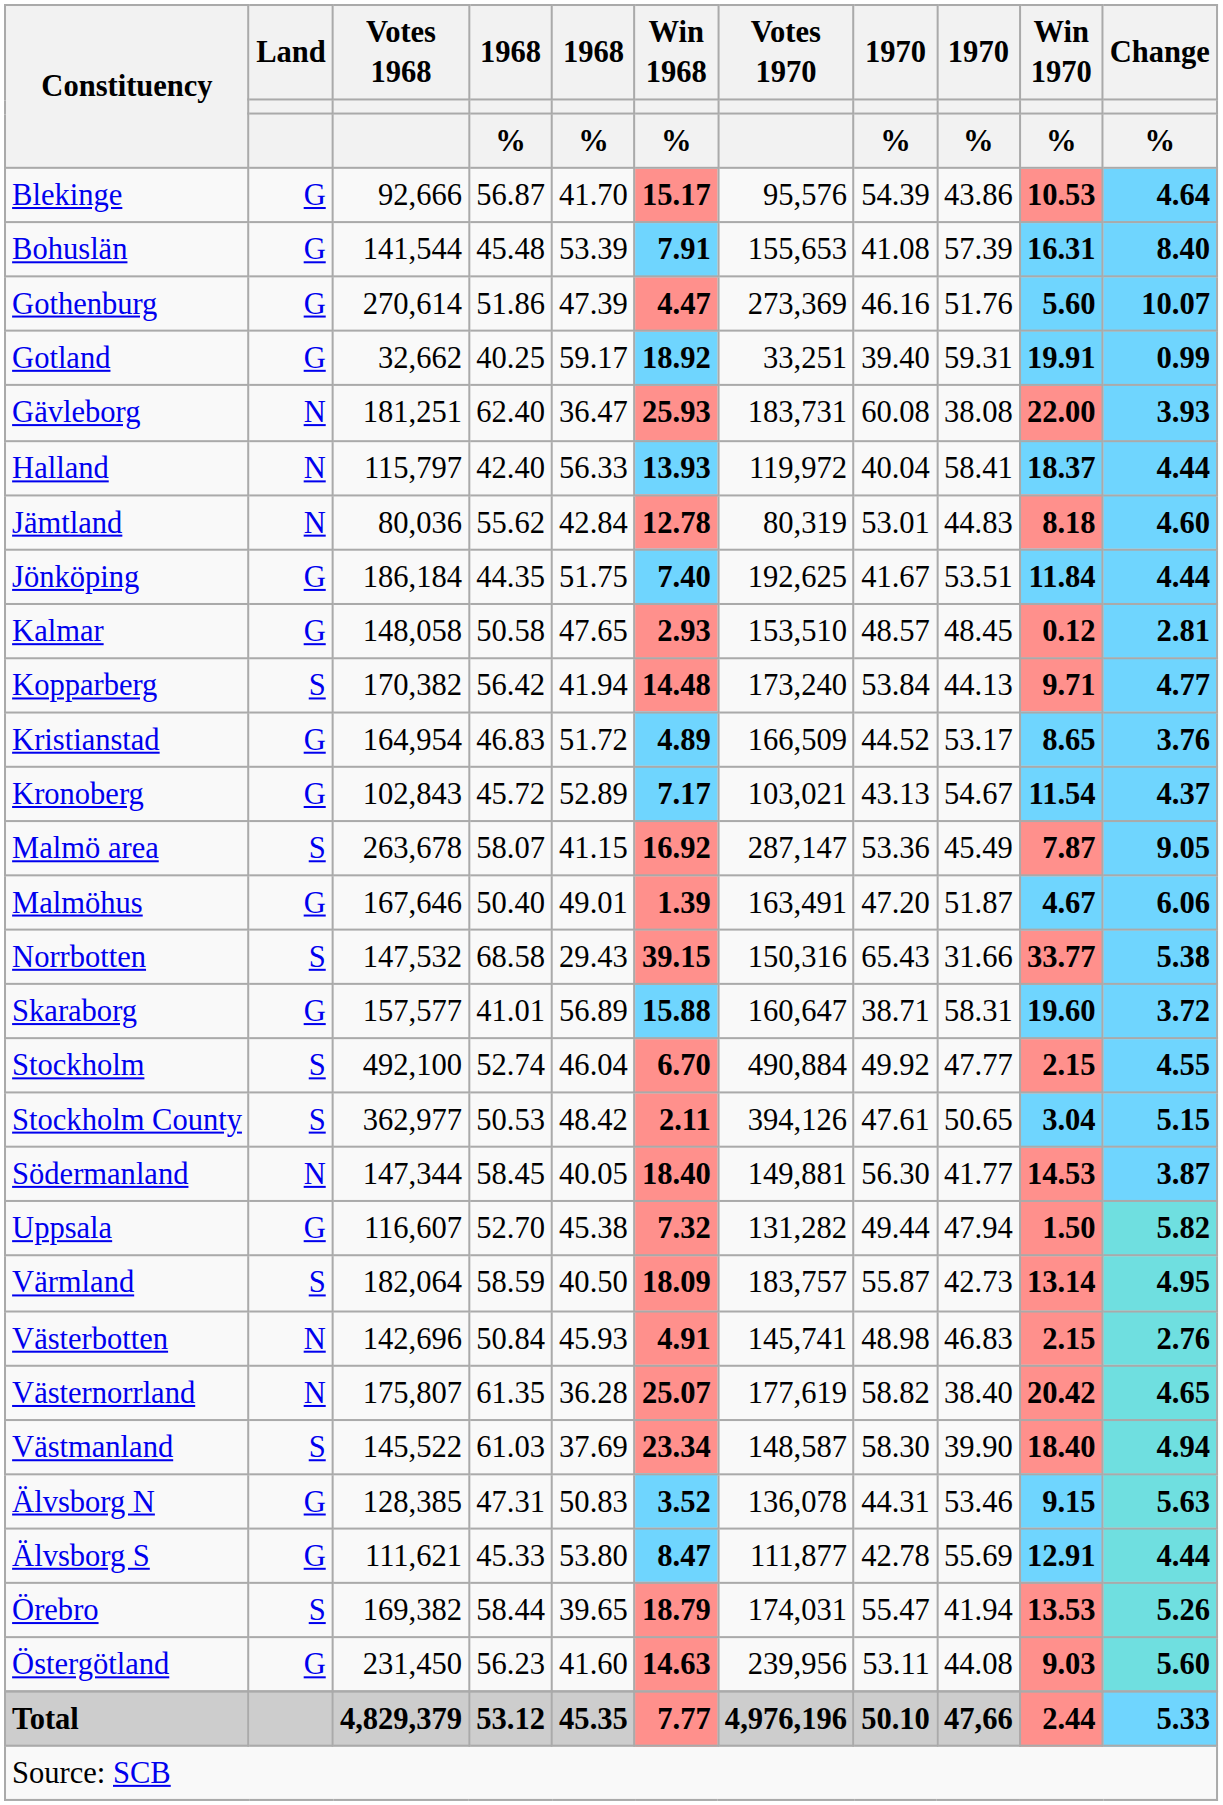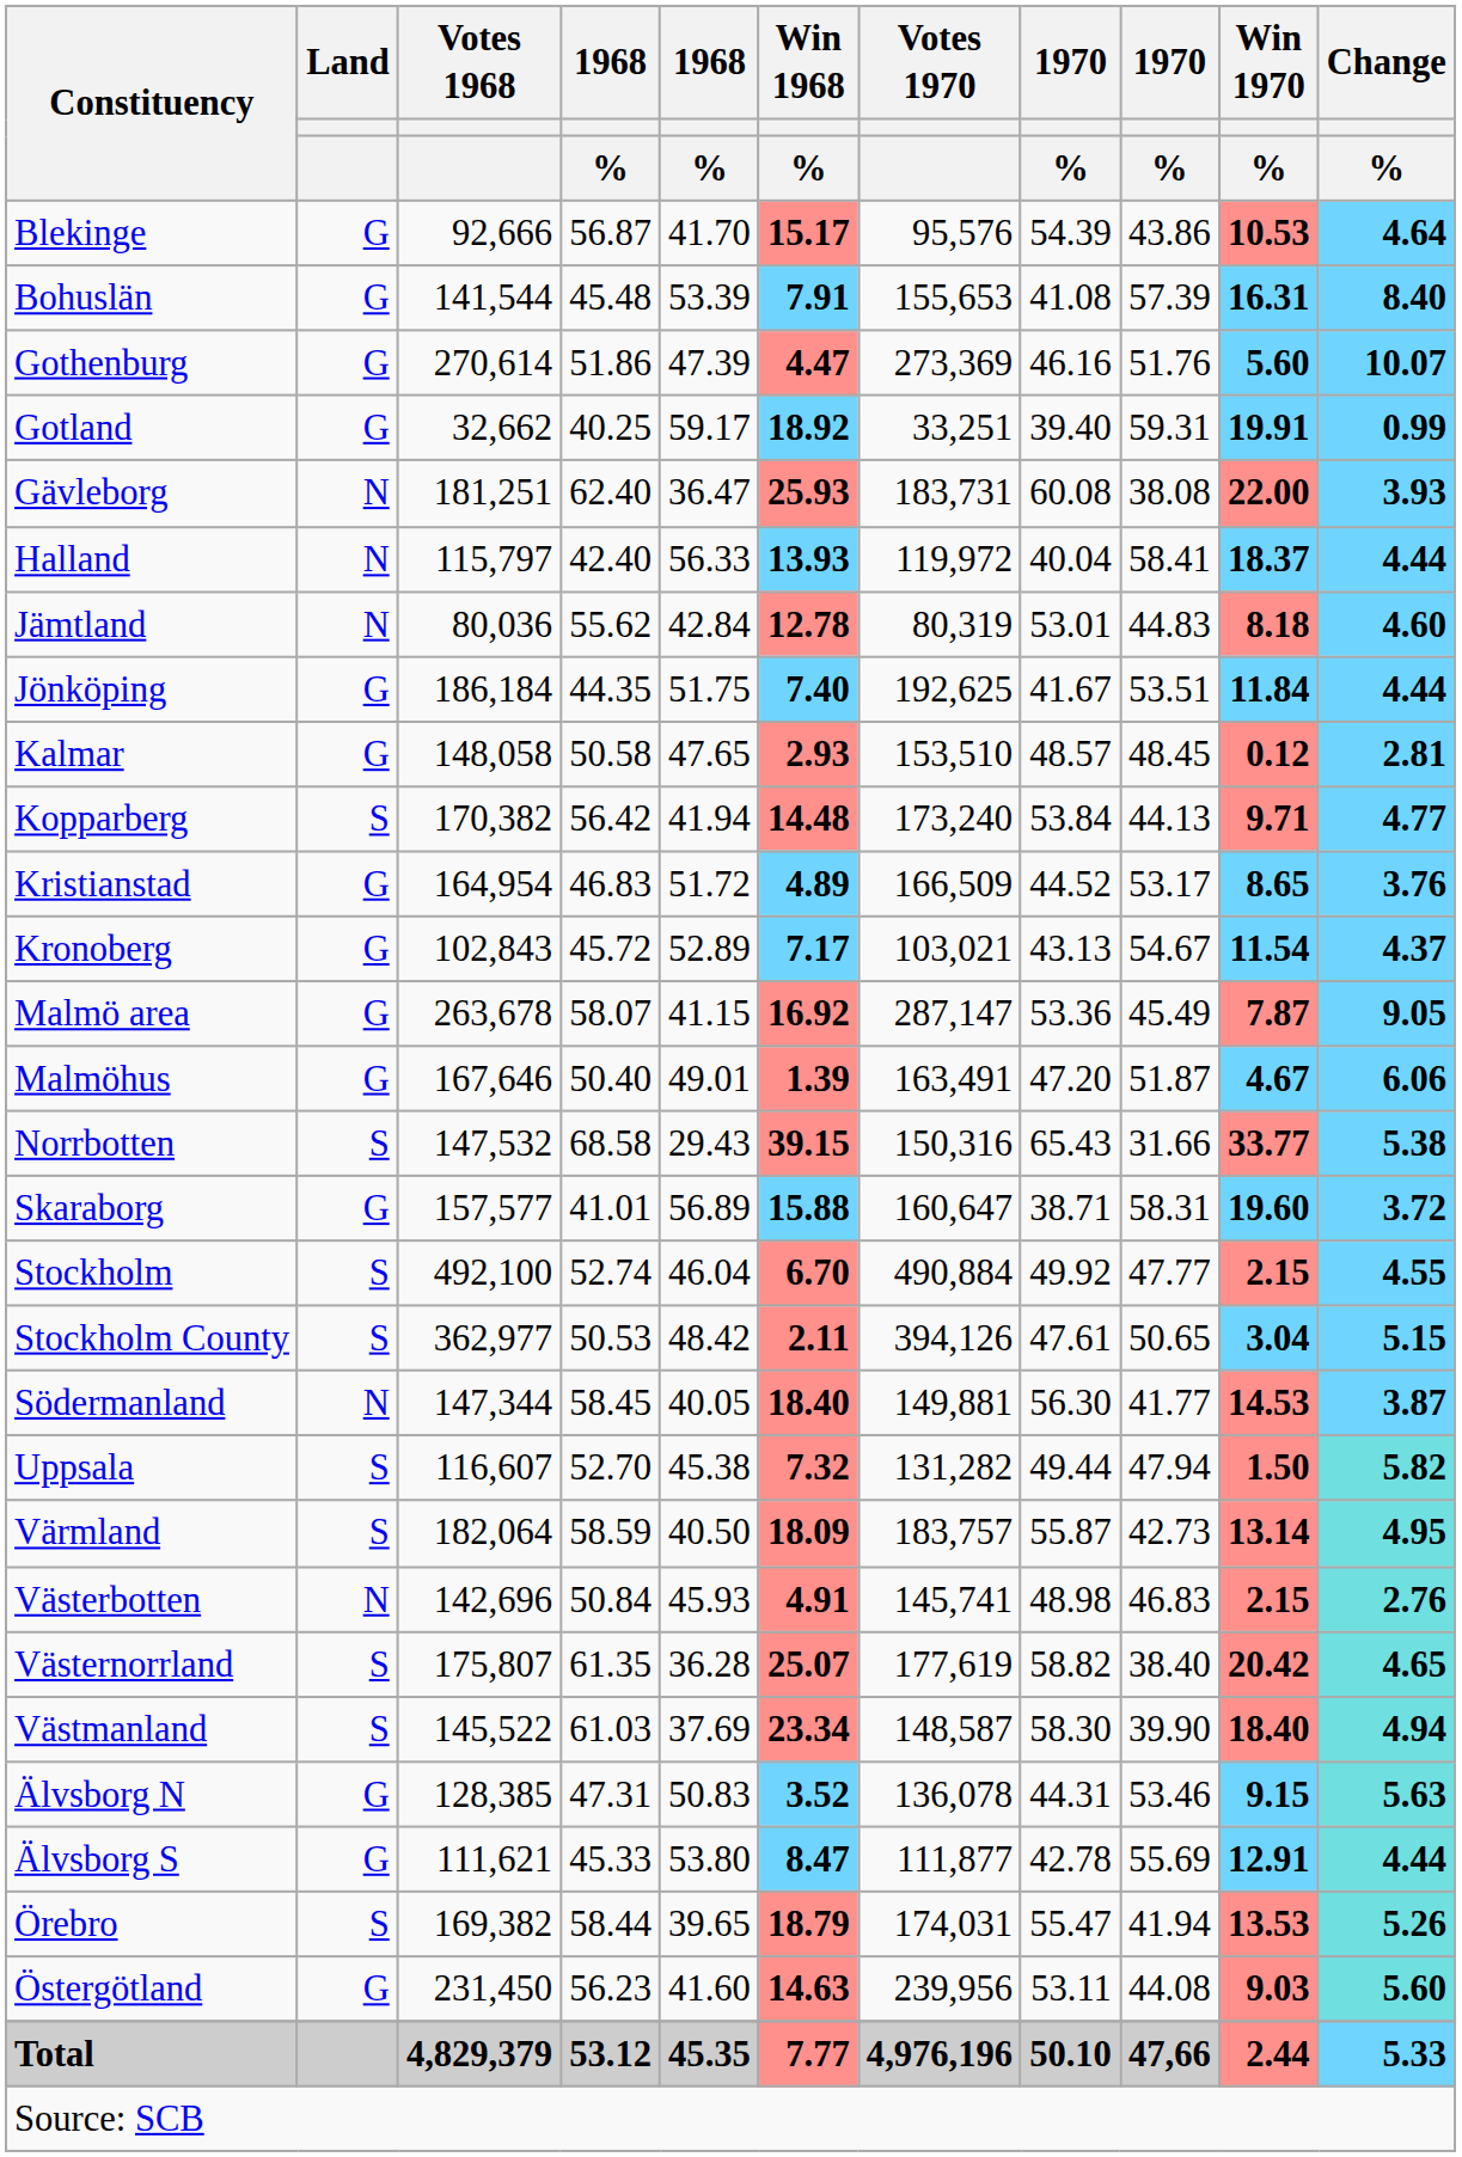 <table class="wikitable sortable" style="text-align:right; font-size:95%; line-height:20px;">
 <tr>
 <th rowspan="3">Constituency</th>
 <th>Land</th>
 <th width="30px" class="unsortable">Votes 1968</th>
 <th> 1968</th>
 <th> 1968</th>
 <th width="30px" class="unsortable">Win 1968</th>
 <th width="30px" class="unsortable">Votes 1970</th>
 <th> 1970</th>
 <th> 1970</th>
 <th width="30px" class="unsortable">Win 1970</th>
 <th width="30px" class="unsortable">Change</th>
 </tr>
 <tr>
 <th></th>
 <th></th>
 <th style="background:"></th>
 <th style="background:"></th>
 <th></th>
 <th></th>
 <th style="background:"></th>
 <th style="background:"></th>
 <th></th>
 <th></th>
 </tr>
 <tr>
 <th data-sort-type="number"></th>
 <th data-sort-type="number"></th>
 <th data-sort-type="number">%</th>
 <th data-sort-type="number">%</th>
 <th data-sort-type="number">%</th>
 <th data-sort-type="number"></th>
 <th data-sort-type="number">%</th>
 <th data-sort-type="number">%</th>
 <th data-sort-type="number">%</th>
 <th data-sort-type="number">%</th>
 </tr>
 <tr>
 <td align="left"><a href='#'>Blekinge</a></td>
 <td><a href='#'>G</a></td>
 <td>92,666</td>
 <td>56.87</td>
 <td>41.70</td>
 <td bgcolor=#ff908c><strong>15.17</strong></td>
 <td>95,576</td>
 <td>54.39</td>
 <td>43.86</td>
 <td bgcolor=#ff908c><strong>10.53</strong></td>
 <td bgcolor=#6fd5fe><strong>4.64</strong></td>
 </tr>
 <tr>
 <td align="left"><a href='#'>Bohuslän</a></td>
 <td><a href='#'>G</a></td>
 <td>141,544</td>
 <td>45.48</td>
 <td>53.39</td>
 <td bgcolor=#6fd5fe><strong>7.91</strong></td>
 <td>155,653</td>
 <td>41.08</td>
 <td>57.39</td>
 <td bgcolor=#6fd5fe><strong>16.31</strong></td>
 <td bgcolor=#6fd5fe><strong>8.40</strong></td>
 </tr>
 <tr>
 <td align="left"><a href='#'>Gothenburg</a></td>
 <td><a href='#'>G</a></td>
 <td>270,614</td>
 <td>51.86</td>
 <td>47.39</td>
 <td bgcolor=#ff908c><strong>4.47</strong></td>
 <td>273,369</td>
 <td>46.16</td>
 <td>51.76</td>
 <td bgcolor=#6fd5fe><strong>5.60</strong></td>
 <td bgcolor=#6fd5fe><strong>10.07</strong></td>
 </tr>
 <tr>
 <td align="left"><a href='#'>Gotland</a></td>
 <td><a href='#'>G</a></td>
 <td>32,662</td>
 <td>40.25</td>
 <td>59.17</td>
 <td bgcolor=#6fd5fe><strong>18.92</strong></td>
 <td>33,251</td>
 <td>39.40</td>
 <td>59.31</td>
 <td bgcolor=#6fd5fe><strong>19.91</strong></td>
 <td bgcolor=#6fd5fe><strong>0.99</strong></td>
 </tr>
 <tr>
 <td align="left"><a href='#'>Gävleborg</a></td>
 <td><a href='#'>N</a></td>
 <td>181,251</td>
 <td>62.40</td>
 <td>36.47</td>
 <td bgcolor=#ff908c><strong>25.93</strong></td>
 <td>183,731</td>
 <td>60.08</td>
 <td>38.08</td>
 <td bgcolor=#ff908c><strong>22.00</strong></td>
 <td bgcolor=#6fd5fe><strong>3.93</strong></td>
 </tr>
 <tr>
 <td align="left"><a href='#'>Halland</a></td>
 <td><a href='#'>N</a></td>
 <td>115,797</td>
 <td>42.40</td>
 <td>56.33</td>
 <td bgcolor=#6fd5fe><strong>13.93</strong></td>
 <td>119,972</td>
 <td>40.04</td>
 <td>58.41</td>
 <td bgcolor=#6fd5fe><strong>18.37</strong></td>
 <td bgcolor=#6fd5fe><strong>4.44</strong></td>
 </tr>
 <tr>
 <td align="left"><a href='#'>Jämtland</a></td>
 <td><a href='#'>N</a></td>
 <td>80,036</td>
 <td>55.62</td>
 <td>42.84</td>
 <td bgcolor=#ff908c><strong>12.78</strong></td>
 <td>80,319</td>
 <td>53.01</td>
 <td>44.83</td>
 <td bgcolor=#ff908c><strong>8.18</strong></td>
 <td bgcolor=#6fd5fe><strong>4.60</strong></td>
 </tr>
 <tr>
 <td align="left"><a href='#'>Jönköping</a></td>
 <td><a href='#'>G</a></td>
 <td>186,184</td>
 <td>44.35</td>
 <td>51.75</td>
 <td bgcolor=#6fd5fe><strong>7.40</strong></td>
 <td>192,625</td>
 <td>41.67</td>
 <td>53.51</td>
 <td bgcolor=#6fd5fe><strong>11.84</strong></td>
 <td bgcolor=#6fd5fe><strong>4.44</strong></td>
 </tr>
 <tr>
 <td align="left"><a href='#'>Kalmar</a></td>
 <td><a href='#'>G</a></td>
 <td>148,058</td>
 <td>50.58</td>
 <td>47.65</td>
 <td bgcolor=#ff908c><strong>2.93</strong></td>
 <td>153,510</td>
 <td>48.57</td>
 <td>48.45</td>
 <td bgcolor=#ff908c><strong>0.12</strong></td>
 <td bgcolor=#6fd5fe><strong>2.81</strong></td>
 </tr>
 <tr>
 <td align="left"><a href='#'>Kopparberg</a></td>
 <td><a href='#'>S</a></td>
 <td>170,382</td>
 <td>56.42</td>
 <td>41.94</td>
 <td bgcolor=#ff908c><strong>14.48</strong></td>
 <td>173,240</td>
 <td>53.84</td>
 <td>44.13</td>
 <td bgcolor=#ff908c><strong>9.71</strong></td>
 <td bgcolor=#6fd5fe><strong>4.77</strong></td>
 </tr>
 <tr>
 <td align="left"><a href='#'>Kristianstad</a></td>
 <td><a href='#'>G</a></td>
 <td>164,954</td>
 <td>46.83</td>
 <td>51.72</td>
 <td bgcolor=#6fd5fe><strong>4.89</strong></td>
 <td>166,509</td>
 <td>44.52</td>
 <td>53.17</td>
 <td bgcolor=#6fd5fe><strong>8.65</strong></td>
 <td bgcolor=#6fd5fe><strong>3.76</strong></td>
 </tr>
 <tr>
 <td align="left"><a href='#'>Kronoberg</a></td>
 <td><a href='#'>G</a></td>
 <td>102,843</td>
 <td>45.72</td>
 <td>52.89</td>
 <td bgcolor=#6fd5fe><strong>7.17</strong></td>
 <td>103,021</td>
 <td>43.13</td>
 <td>54.67</td>
 <td bgcolor=#6fd5fe><strong>11.54</strong></td>
 <td bgcolor=#6fd5fe><strong>4.37</strong></td>
 </tr>
 <tr>
 <td align="left"><a href='#'>Malmö area</a></td>
-<td><a href='#'>S</a></td>
+<td><a href='#'>G</a></td>
 <td>263,678</td>
 <td>58.07</td>
 <td>41.15</td>
 <td bgcolor=#ff908c><strong>16.92</strong></td>
 <td>287,147</td>
 <td>53.36</td>
 <td>45.49</td>
 <td bgcolor=#ff908c><strong>7.87</strong></td>
 <td bgcolor=#6fd5fe><strong>9.05</strong></td>
 </tr>
 <tr>
 <td align="left"><a href='#'>Malmöhus</a></td>
 <td><a href='#'>G</a></td>
 <td>167,646</td>
 <td>50.40</td>
 <td>49.01</td>
 <td bgcolor=#ff908c><strong>1.39</strong></td>
 <td>163,491</td>
 <td>47.20</td>
 <td>51.87</td>
 <td bgcolor=#6fd5fe><strong>4.67</strong></td>
 <td bgcolor=#6fd5fe><strong>6.06</strong></td>
 </tr>
 <tr>
 <td align="left"><a href='#'>Norrbotten</a></td>
 <td><a href='#'>S</a></td>
 <td>147,532</td>
 <td>68.58</td>
 <td>29.43</td>
 <td bgcolor=#ff908c><strong>39.15</strong></td>
 <td>150,316</td>
 <td>65.43</td>
 <td>31.66</td>
 <td bgcolor=#ff908c><strong>33.77</strong></td>
 <td bgcolor=#6fd5fe><strong>5.38</strong></td>
 </tr>
 <tr>
 <td align="left"><a href='#'>Skaraborg</a></td>
 <td><a href='#'>G</a></td>
 <td>157,577</td>
 <td>41.01</td>
 <td>56.89</td>
 <td bgcolor=#6fd5fe><strong>15.88</strong></td>
 <td>160,647</td>
 <td>38.71</td>
 <td>58.31</td>
 <td bgcolor=#6fd5fe><strong>19.60</strong></td>
 <td bgcolor=#6fd5fe><strong>3.72</strong></td>
 </tr>
 <tr>
 <td align="left"><a href='#'>Stockholm</a></td>
 <td><a href='#'>S</a></td>
 <td>492,100</td>
 <td>52.74</td>
 <td>46.04</td>
 <td bgcolor=#ff908c><strong>6.70</strong></td>
 <td>490,884</td>
 <td>49.92</td>
 <td>47.77</td>
 <td bgcolor=#ff908c><strong>2.15</strong></td>
 <td bgcolor=#6fd5fe><strong>4.55</strong></td>
 </tr>
 <tr>
 <td align="left"><a href='#'>Stockholm County</a></td>
 <td><a href='#'>S</a></td>
 <td>362,977</td>
 <td>50.53</td>
 <td>48.42</td>
 <td bgcolor=#ff908c><strong>2.11</strong></td>
 <td>394,126</td>
 <td>47.61</td>
 <td>50.65</td>
 <td bgcolor=#6fd5fe><strong>3.04</strong></td>
 <td bgcolor=#6fd5fe><strong>5.15</strong></td>
 </tr>
 <tr>
 <td align="left"><a href='#'>Södermanland</a></td>
 <td><a href='#'>N</a></td>
 <td>147,344</td>
 <td>58.45</td>
 <td>40.05</td>
 <td bgcolor=#ff908c><strong>18.40</strong></td>
 <td>149,881</td>
 <td>56.30</td>
 <td>41.77</td>
 <td bgcolor=#ff908c><strong>14.53</strong></td>
 <td bgcolor=#6fd5fe><strong>3.87</strong></td>
 </tr>
 <tr>
 <td align="left"><a href='#'>Uppsala</a></td>
-<td><a href='#'>G</a></td>
+<td><a href='#'>S</a></td>
 <td>116,607</td>
 <td>52.70</td>
 <td>45.38</td>
 <td bgcolor=#ff908c><strong>7.32</strong></td>
 <td>131,282</td>
 <td>49.44</td>
 <td>47.94</td>
 <td bgcolor=#ff908c><strong>1.50</strong></td>
 <td bgcolor=#6fdfe><strong>5.82</strong></td>
 </tr>
 <tr>
 <td align="left"><a href='#'>Värmland</a></td>
 <td><a href='#'>S</a></td>
 <td>182,064</td>
 <td>58.59</td>
 <td>40.50</td>
 <td bgcolor=#ff908c><strong>18.09</strong></td>
 <td>183,757</td>
 <td>55.87</td>
 <td>42.73</td>
 <td bgcolor=#ff908c><strong>13.14</strong></td>
 <td bgcolor=#6fdfe><strong>4.95</strong></td>
 </tr>
 <tr>
 <td align="left"><a href='#'>Västerbotten</a></td>
 <td><a href='#'>N</a></td>
 <td>142,696</td>
 <td>50.84</td>
 <td>45.93</td>
 <td bgcolor=#ff908c><strong>4.91</strong></td>
 <td>145,741</td>
 <td>48.98</td>
 <td>46.83</td>
 <td bgcolor=#ff908c><strong>2.15</strong></td>
 <td bgcolor=#6fdfe><strong>2.76</strong></td>
 </tr>
 <tr>
 <td align="left"><a href='#'>Västernorrland</a></td>
-<td><a href='#'>N</a></td>
+<td><a href='#'>S</a></td>
 <td>175,807</td>
 <td>61.35</td>
 <td>36.28</td>
 <td bgcolor=#ff908c><strong>25.07</strong></td>
 <td>177,619</td>
 <td>58.82</td>
 <td>38.40</td>
 <td bgcolor=#ff908c><strong>20.42</strong></td>
 <td bgcolor=#6fdfe><strong>4.65</strong></td>
 </tr>
 <tr>
 <td align="left"><a href='#'>Västmanland</a></td>
 <td><a href='#'>S</a></td>
 <td>145,522</td>
 <td>61.03</td>
 <td>37.69</td>
 <td bgcolor=#ff908c><strong>23.34</strong></td>
 <td>148,587</td>
 <td>58.30</td>
 <td>39.90</td>
 <td bgcolor=#ff908c><strong>18.40</strong></td>
 <td bgcolor=#6fdfe><strong>4.94</strong></td>
 </tr>
 <tr>
 <td align="left"><a href='#'>Älvsborg N</a></td>
 <td><a href='#'>G</a></td>
 <td>128,385</td>
 <td>47.31</td>
 <td>50.83</td>
 <td bgcolor=#6fd5fe><strong>3.52</strong></td>
 <td>136,078</td>
 <td>44.31</td>
 <td>53.46</td>
 <td bgcolor=#6fd5fe><strong>9.15</strong></td>
 <td bgcolor=#6fdfe><strong>5.63</strong></td>
 </tr>
 <tr>
 <td align="left"><a href='#'>Älvsborg S</a></td>
 <td><a href='#'>G</a></td>
 <td>111,621</td>
 <td>45.33</td>
 <td>53.80</td>
 <td bgcolor=#6fd5fe><strong>8.47</strong></td>
 <td>111,877</td>
 <td>42.78</td>
 <td>55.69</td>
 <td bgcolor=#6fd5fe><strong>12.91</strong></td>
 <td bgcolor=#6fdfe><strong>4.44</strong></td>
 </tr>
 <tr>
 <td align="left"><a href='#'>Örebro</a></td>
 <td><a href='#'>S</a></td>
 <td>169,382</td>
 <td>58.44</td>
 <td>39.65</td>
 <td bgcolor=#ff908c><strong>18.79</strong></td>
 <td>174,031</td>
 <td>55.47</td>
 <td>41.94</td>
 <td bgcolor=#ff908c><strong>13.53</strong></td>
 <td bgcolor=#6fdfe><strong>5.26</strong></td>
 </tr>
 <tr>
 <td align="left"><a href='#'>Östergötland</a></td>
 <td><a href='#'>G</a></td>
 <td>231,450</td>
 <td>56.23</td>
 <td>41.60</td>
 <td bgcolor=#ff908c><strong>14.63</strong></td>
 <td>239,956</td>
 <td>53.11</td>
 <td>44.08</td>
 <td bgcolor=#ff908c><strong>9.03</strong></td>
 <td bgcolor=#6fdfe><strong>5.60</strong></td>
 </tr>
 <tr>
 </tr>
 <tr style="background:#CDCDCD;">
 <td align="left"><strong>Total</strong></td>
 <td></td>
 <td><strong>4,829,379</strong></td>
 <td><strong>53.12</strong></td>
 <td><strong>45.35</strong></td>
 <td bgcolor=#ff908c><strong>7.77</strong></td>
 <td><strong>4,976,196</strong></td>
 <td><strong>50.10</strong></td>
 <td><strong>47,66</strong></td>
 <td bgcolor=#ff908c><strong>2.44</strong></td>
 <td bgcolor=#6fd5fe><strong>5.33</strong></td>
 </tr>
 <tr>
 <td colspan="11" align="left">Source: <a href='#'>SCB</a></td>
 </tr>
 </table>
